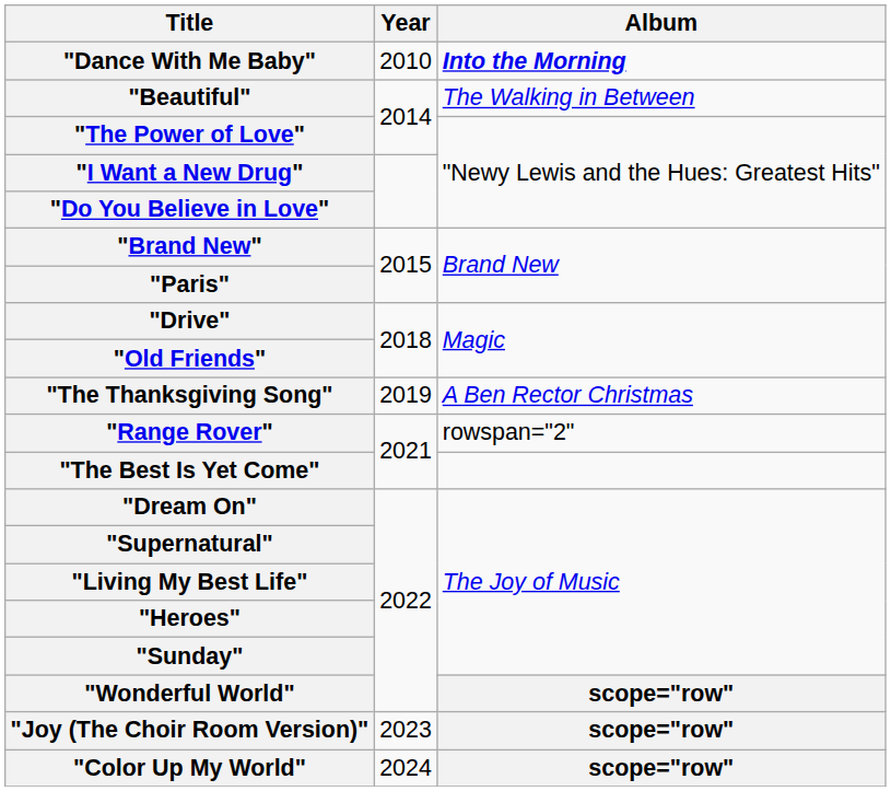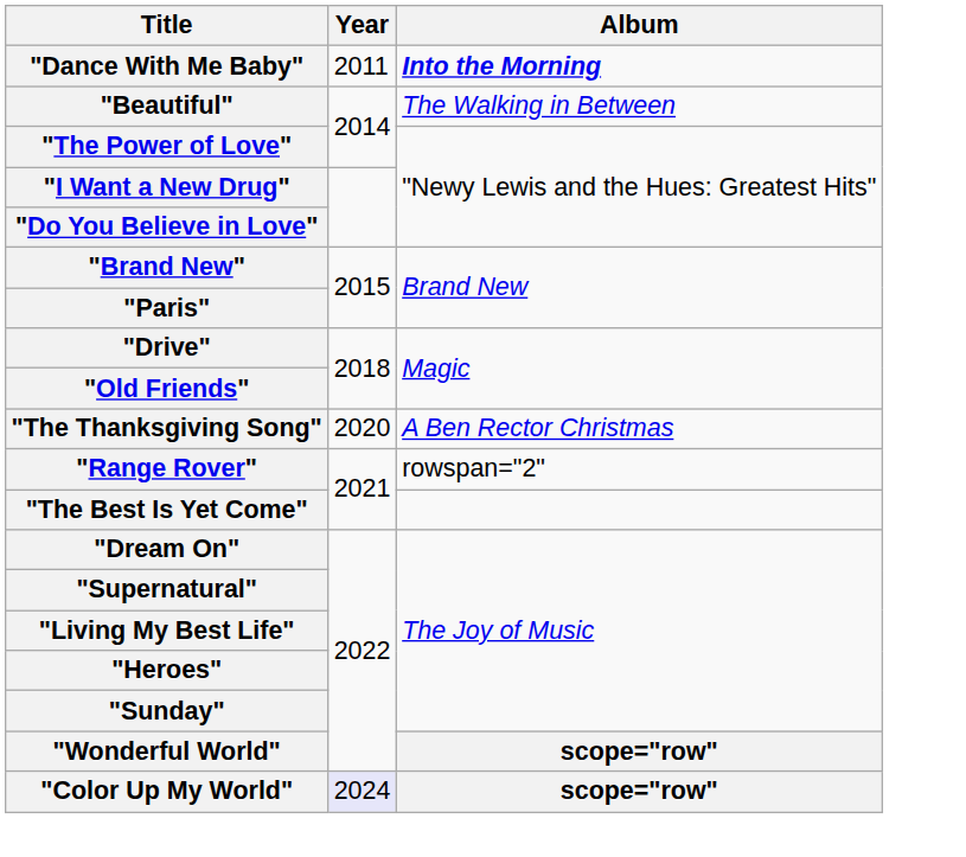 <table class="wikitable plainrowheaders">
 <tr>
 <th scope="col">Title</th>
 <th scope="col">Year</th>
 <th scope="col">Album</th>
 </tr>
 <tr>
 <th scope="row">"Dance With Me Baby"</th>
-<td>2010</td>
+<td>2011</td>
 <td><strong><em><a href='#'>Into the Morning</a></em></strong></td>
 </tr>
 <tr>
 <th scope="row">"Beautiful"</th>
 <td rowspan="2">2014</td>
 <td><em><a href='#'>The Walking in Between</a></em></td>
 </tr>
 <tr>
 <th scope="row">"<a href='#'>The Power of Love</a>"</th>
 <td rowspan="3">"Newy Lewis and the Hues: Greatest Hits"</td>
 </tr>
 <tr>
 <th scope="row">"<a href='#'>I Want a New Drug</a>"</th>
 </tr>
 <tr>
 <th scope="row">"<a href='#'>Do You Believe in Love</a>"</th>
 </tr>
 <tr>
 <th scope="row">"<a href='#'>Brand New</a>"</th>
 <td rowspan="2">2015</td>
 <td rowspan="2"><em><a href='#'>Brand New</a></em></td>
 </tr>
 <tr>
 <th scope="row">"Paris"</th>
 </tr>
 <tr>
 <th scope="row">"Drive"</th>
 <td rowspan="2">2018</td>
 <td rowspan="2"><em><a href='#'>Magic</a></em></td>
 </tr>
 <tr>
 <th scope="row">"<a href='#'>Old Friends</a>"</th>
 </tr>
 <tr>
 <th scope="row">"The Thanksgiving Song"</th>
-<td>2019</td>
+<td>2020</td>
 <td><em><a href='#'>A Ben Rector Christmas</a></em></td>
 </tr>
 <tr>
 <th scope="row">"<a href='#'>Range Rover</a>"<br> </th>
 <td rowspan="2">2021</td>
 <td>rowspan="2" </td>
 </tr>
 <tr>
 <th scope="row">"The Best Is Yet Come"</th>
 </tr>
 <tr>
 <th scope="row">"Dream On"</th>
 <td rowspan="6">2022</td>
 <td rowspan="5"><em><a href='#'>The Joy of Music</a></em></td>
 </tr>
 <tr>
 <th scope="row">"Supernatural"<br> </th>
 </tr>
 <tr>
 <th scope="row">"Living My Best Life"</th>
 </tr>
 <tr>
 <th scope="row">"Heroes"</th>
 </tr>
 <tr>
 <th scope="row">"Sunday"<br> </th>
 </tr>
 <tr>
 <th scope="row">"Wonderful World"</th>
 <th>scope="row" </th>
 </tr>
 <tr>
-<th scope="row">"Joy (The Choir Room Version)"</th>
-<td>2023</td>
-<th>scope="row" </th>
-</tr>
-<tr>
 <th scope="row">"Color Up My World" </th>
-<td>2024</td>
+<td style="background: lavender;">2024</td>
 <th>scope="row" </th>
 </tr>
 </table>
